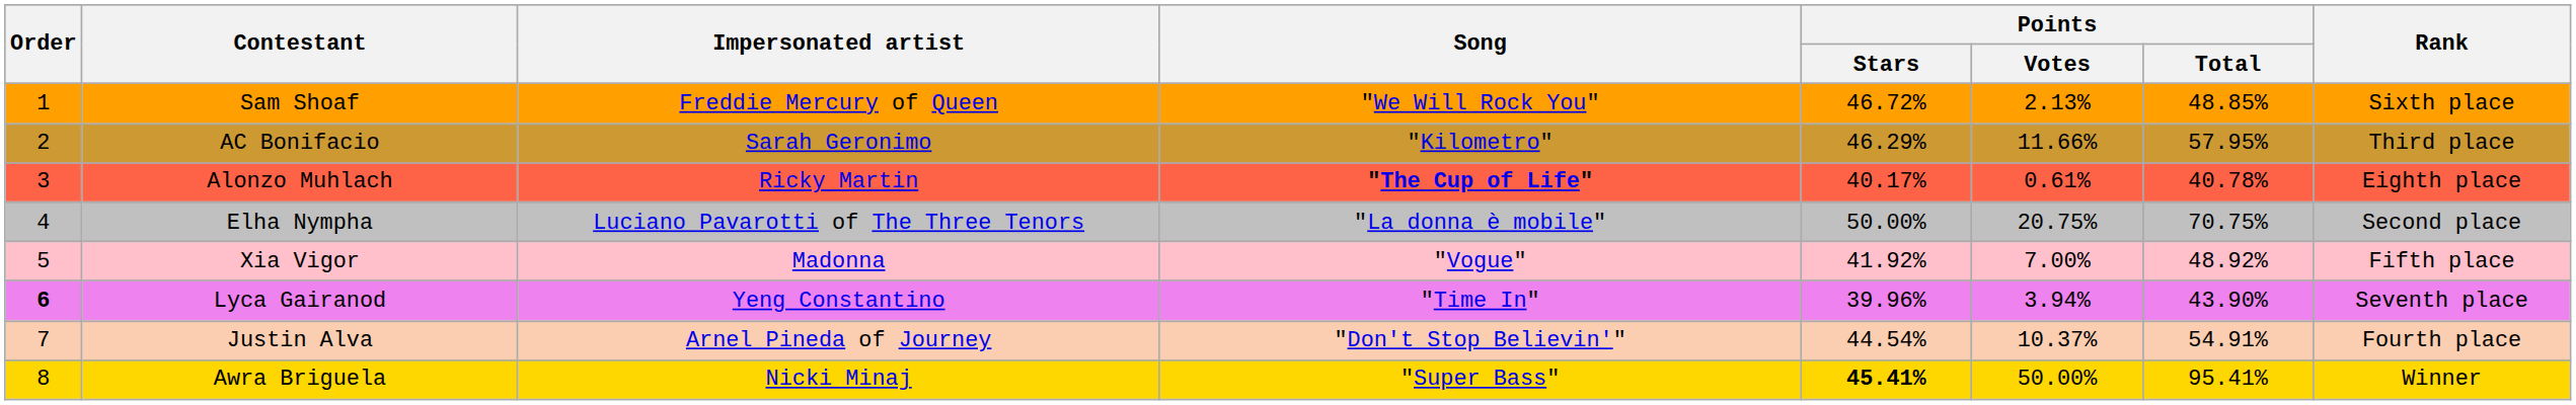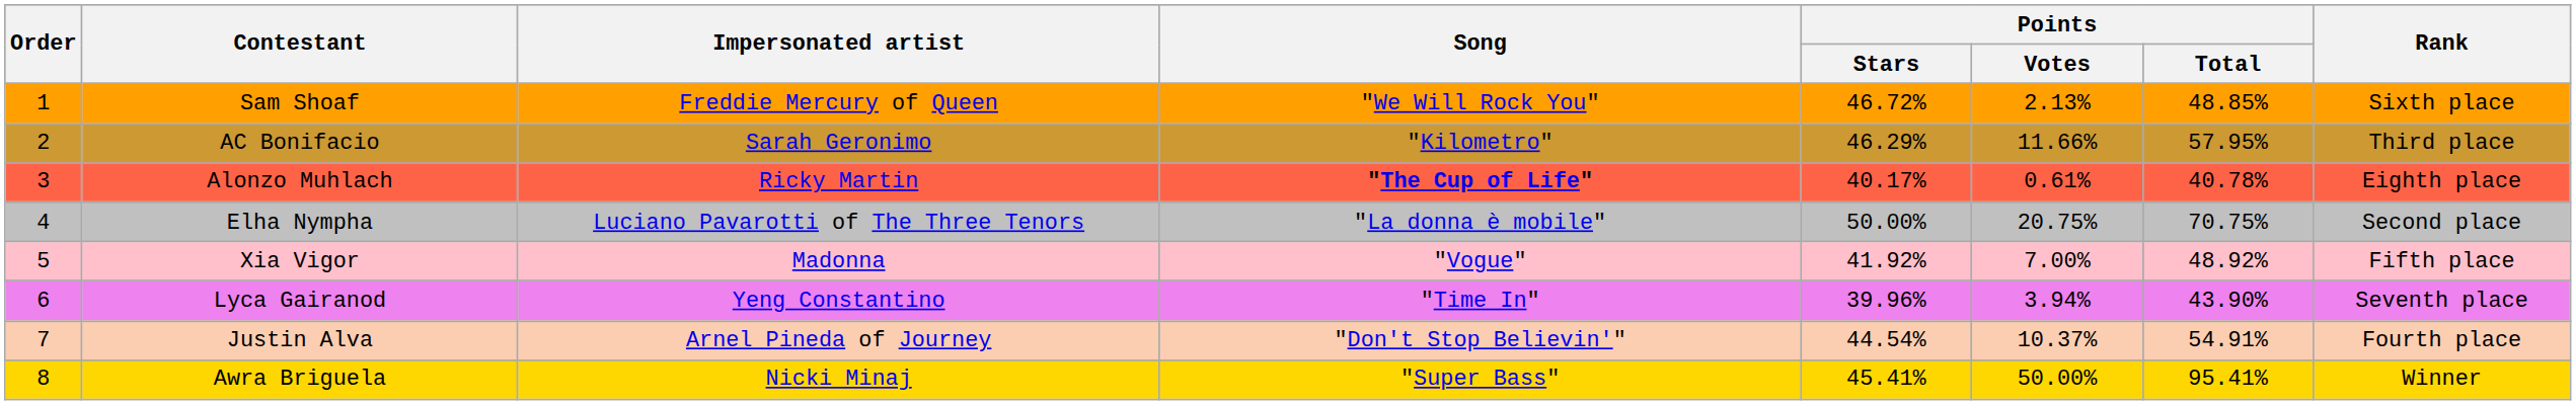 <table class="wikitable" style="text-align:center; line-height:17px; width:auto;">
 <tr>
 <th rowspan="2" style="width:03%;">Order</th>
 <th rowspan="2" style="width:17%;">Contestant</th>
 <th rowspan="2" style="width:25%;">Impersonated artist</th>
 <th rowspan="2" style="width:25%;">Song</th>
 <th colspan="3" style="width:20%;">Points</th>
 <th rowspan="2" style="width:10%;">Rank</th>
 </tr>
 <tr>
 <th style="width:06.66%;">Stars</th>
 <th style="width:06.66%;">Votes</th>
 <th style="width:06.66%;">Total</th>
 </tr>
 <tr>
 <td style="background:#FF9F00;">1</td>
 <td style="background:#FF9F00;">Sam Shoaf</td>
 <td style="background:#FF9F00;"><a href='#'>Freddie Mercury</a> of <a href='#'>Queen</a></td>
 <td style="background:#FF9F00;">"<a href='#'>We Will Rock You</a>"</td>
 <td style="background:#FF9F00;">46.72%</td>
 <td style="background:#FF9F00;">2.13%</td>
 <td style="background:#FF9F00;">48.85%</td>
 <td style="background:#FF9F00;">Sixth place</td>
 </tr>
 <tr>
 <td style="background:#CC9933;">2</td>
 <td style="background:#CC9933;">AC Bonifacio</td>
 <td style="background:#CC9933;"><a href='#'>Sarah Geronimo</a></td>
 <td style="background:#CC9933;">"<a href='#'>Kilometro</a>"</td>
 <td style="background:#CC9933;">46.29%</td>
 <td style="background:#CC9933;">11.66%</td>
 <td style="background:#CC9933;">57.95%</td>
 <td style="background:#CC9933;">Third place</td>
 </tr>
 <tr>
 <td style="background:tomato;">3</td>
 <td style="background:tomato;">Alonzo Muhlach</td>
 <td style="background:tomato;"><a href='#'>Ricky Martin</a></td>
 <td style="background:tomato;"><strong>"<a href='#'>The Cup of Life</a>"</strong></td>
 <td style="background:tomato;">40.17%</td>
 <td style="background:tomato;">0.61%</td>
 <td style="background:tomato;">40.78%</td>
 <td style="background:tomato;">Eighth place</td>
 </tr>
 <tr>
 <td style="background:silver;">4</td>
 <td style="background:silver;">Elha Nympha</td>
 <td style="background:silver;"><a href='#'>Luciano Pavarotti</a> of <a href='#'>The Three Tenors</a></td>
 <td style="background:silver;">"<a href='#'>La donna è mobile</a>"</td>
 <td style="background:silver;">50.00%</td>
 <td style="background:silver;">20.75%</td>
 <td style="background:silver;">70.75%</td>
 <td style="background:silver;">Second place</td>
 </tr>
 <tr>
 <td style="background:pink;">5</td>
 <td style="background:pink;">Xia Vigor</td>
 <td style="background:pink;"><a href='#'>Madonna</a></td>
 <td style="background:pink;">"<a href='#'>Vogue</a>"</td>
 <td style="background:pink;">41.92%</td>
 <td style="background:pink;">7.00%</td>
 <td style="background:pink;">48.92%</td>
 <td style="background:pink;">Fifth place</td>
 </tr>
 <tr>
-<td style="background:violet;"><strong>6</strong></td>
+<td style="background:violet;">6</td>
 <td style="background:violet;">Lyca Gairanod</td>
 <td style="background:violet;"><a href='#'>Yeng Constantino</a></td>
 <td style="background:violet;">"<a href='#'>Time In</a>"</td>
 <td style="background:violet;">39.96%</td>
 <td style="background:violet;">3.94%</td>
 <td style="background:violet;">43.90%</td>
 <td style="background:violet;">Seventh place</td>
 </tr>
 <tr>
 <td style="background:#FBCEB1;">7</td>
 <td style="background:#FBCEB1;">Justin Alva</td>
 <td style="background:#FBCEB1;"><a href='#'>Arnel Pineda</a> of <a href='#'>Journey</a></td>
 <td style="background:#FBCEB1;">"<a href='#'>Don't Stop Believin'</a>"</td>
 <td style="background:#FBCEB1;">44.54%</td>
 <td style="background:#FBCEB1;">10.37%</td>
 <td style="background:#FBCEB1;">54.91%</td>
 <td style="background:#FBCEB1;">Fourth place</td>
 </tr>
 <tr>
 <td style="background:gold;">8</td>
 <td style="background:gold;">Awra Briguela</td>
 <td style="background:gold;"><a href='#'>Nicki Minaj</a></td>
 <td style="background:gold;">"<a href='#'>Super Bass</a>"</td>
-<td style="background:gold;"><strong>45.41%</strong></td>
+<td style="background:gold;">45.41%</td>
 <td style="background:gold;">50.00%</td>
 <td style="background:gold;">95.41%</td>
 <td style="background:gold;">Winner</td>
 </tr>
 </table>
